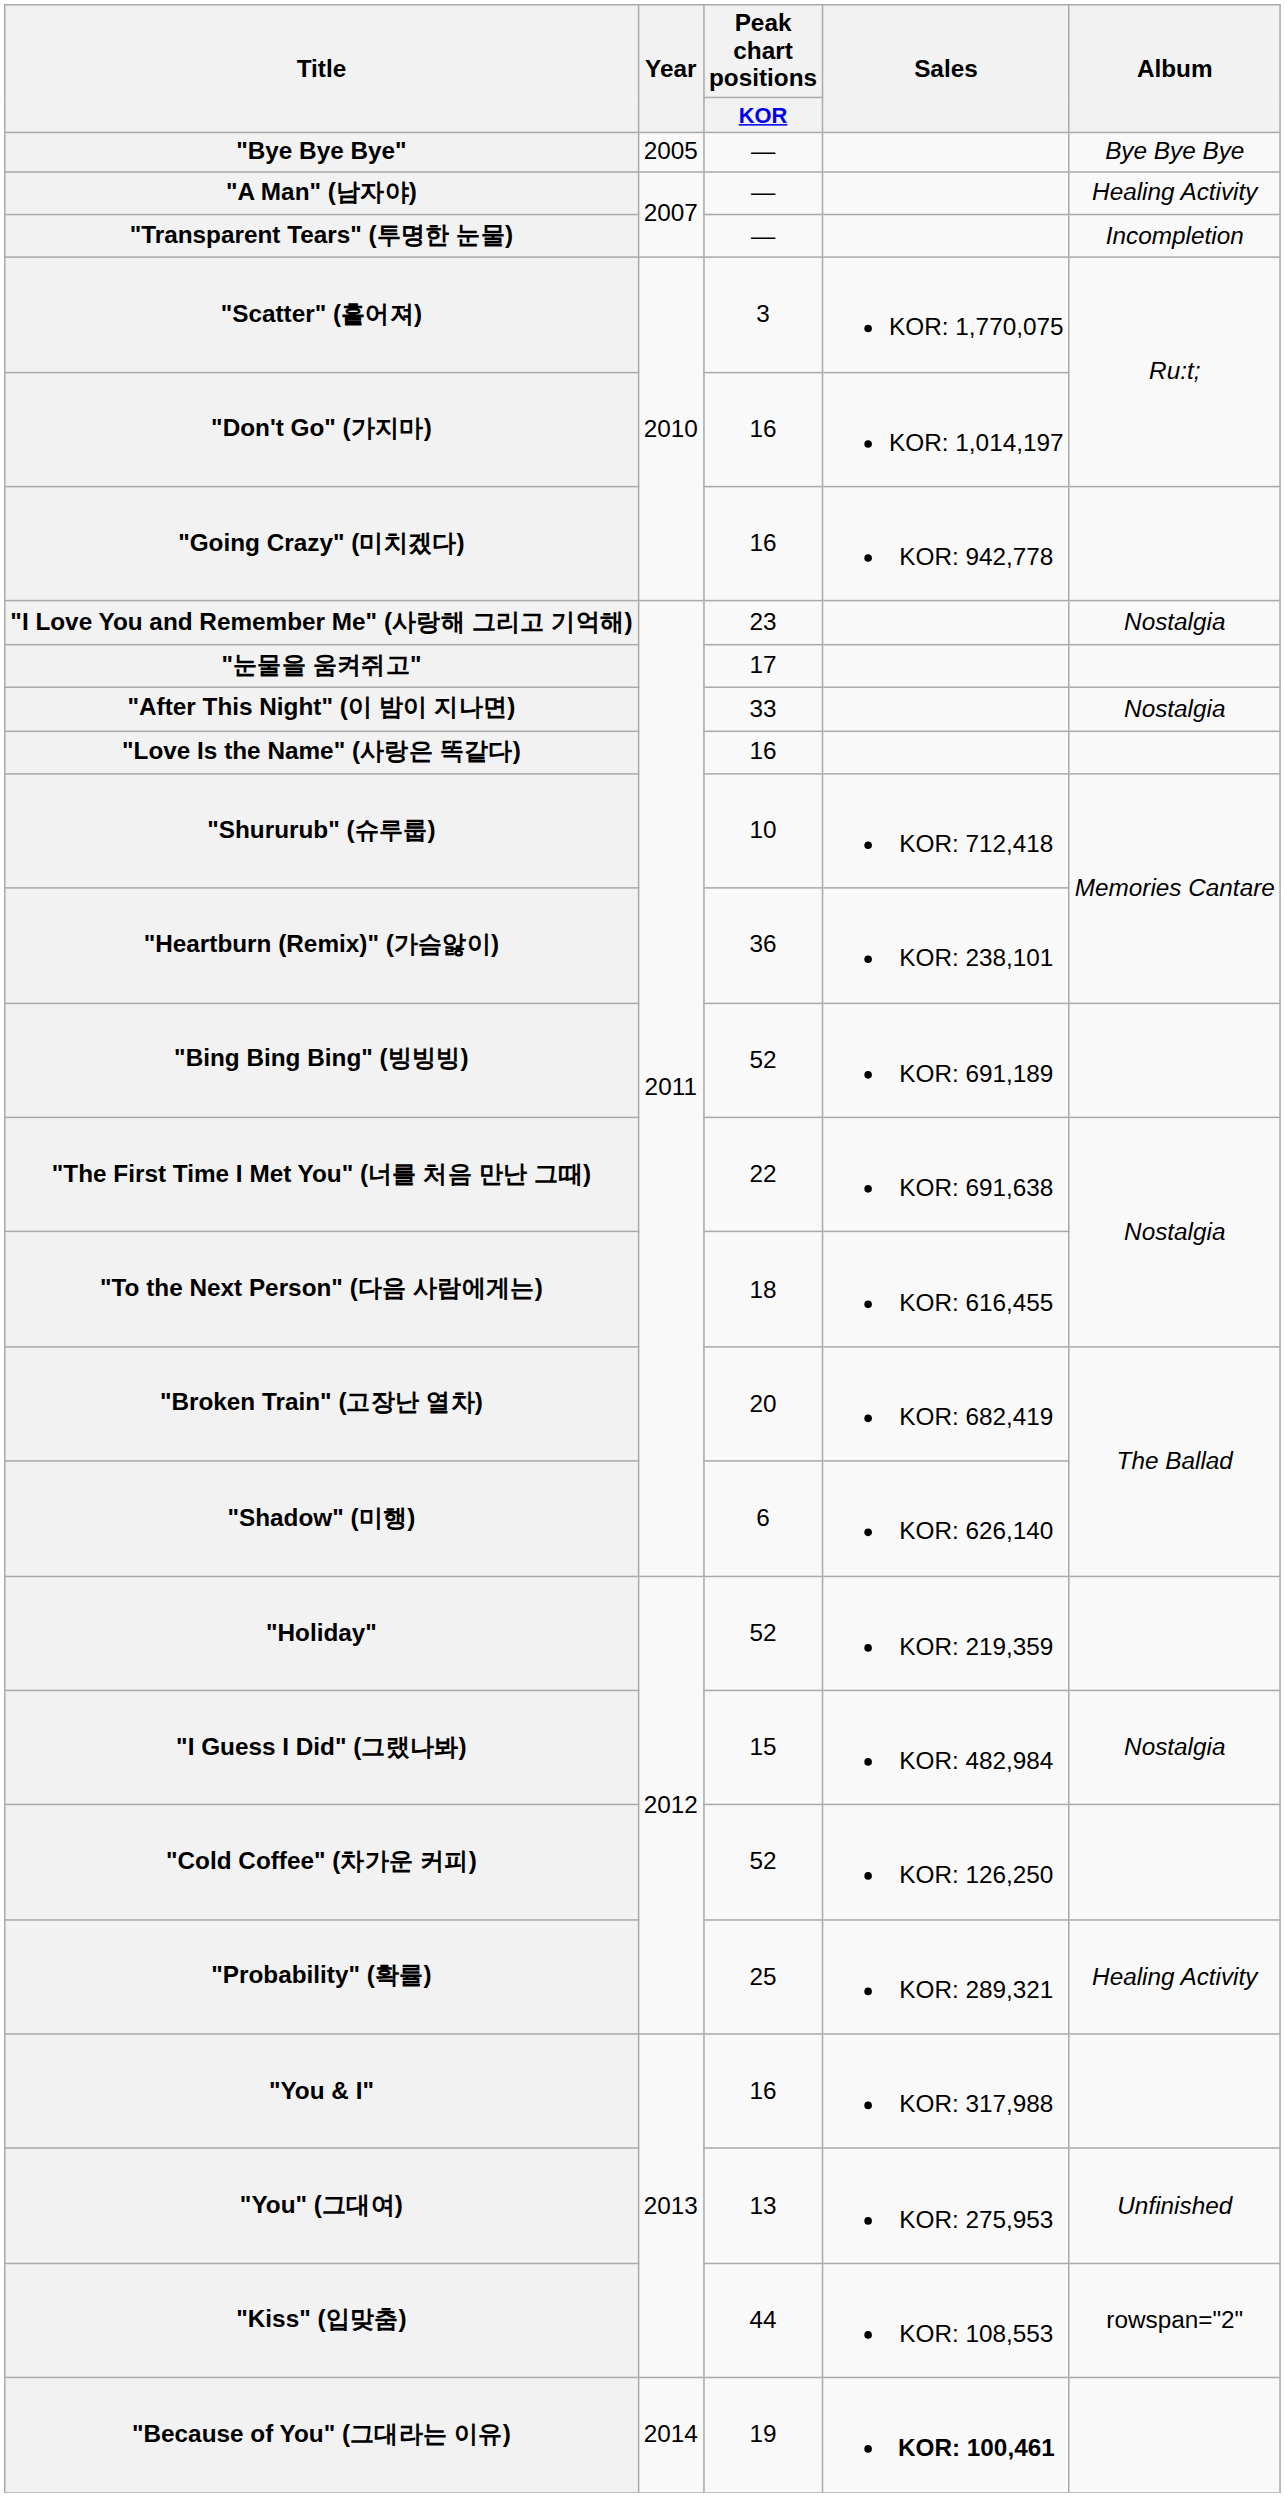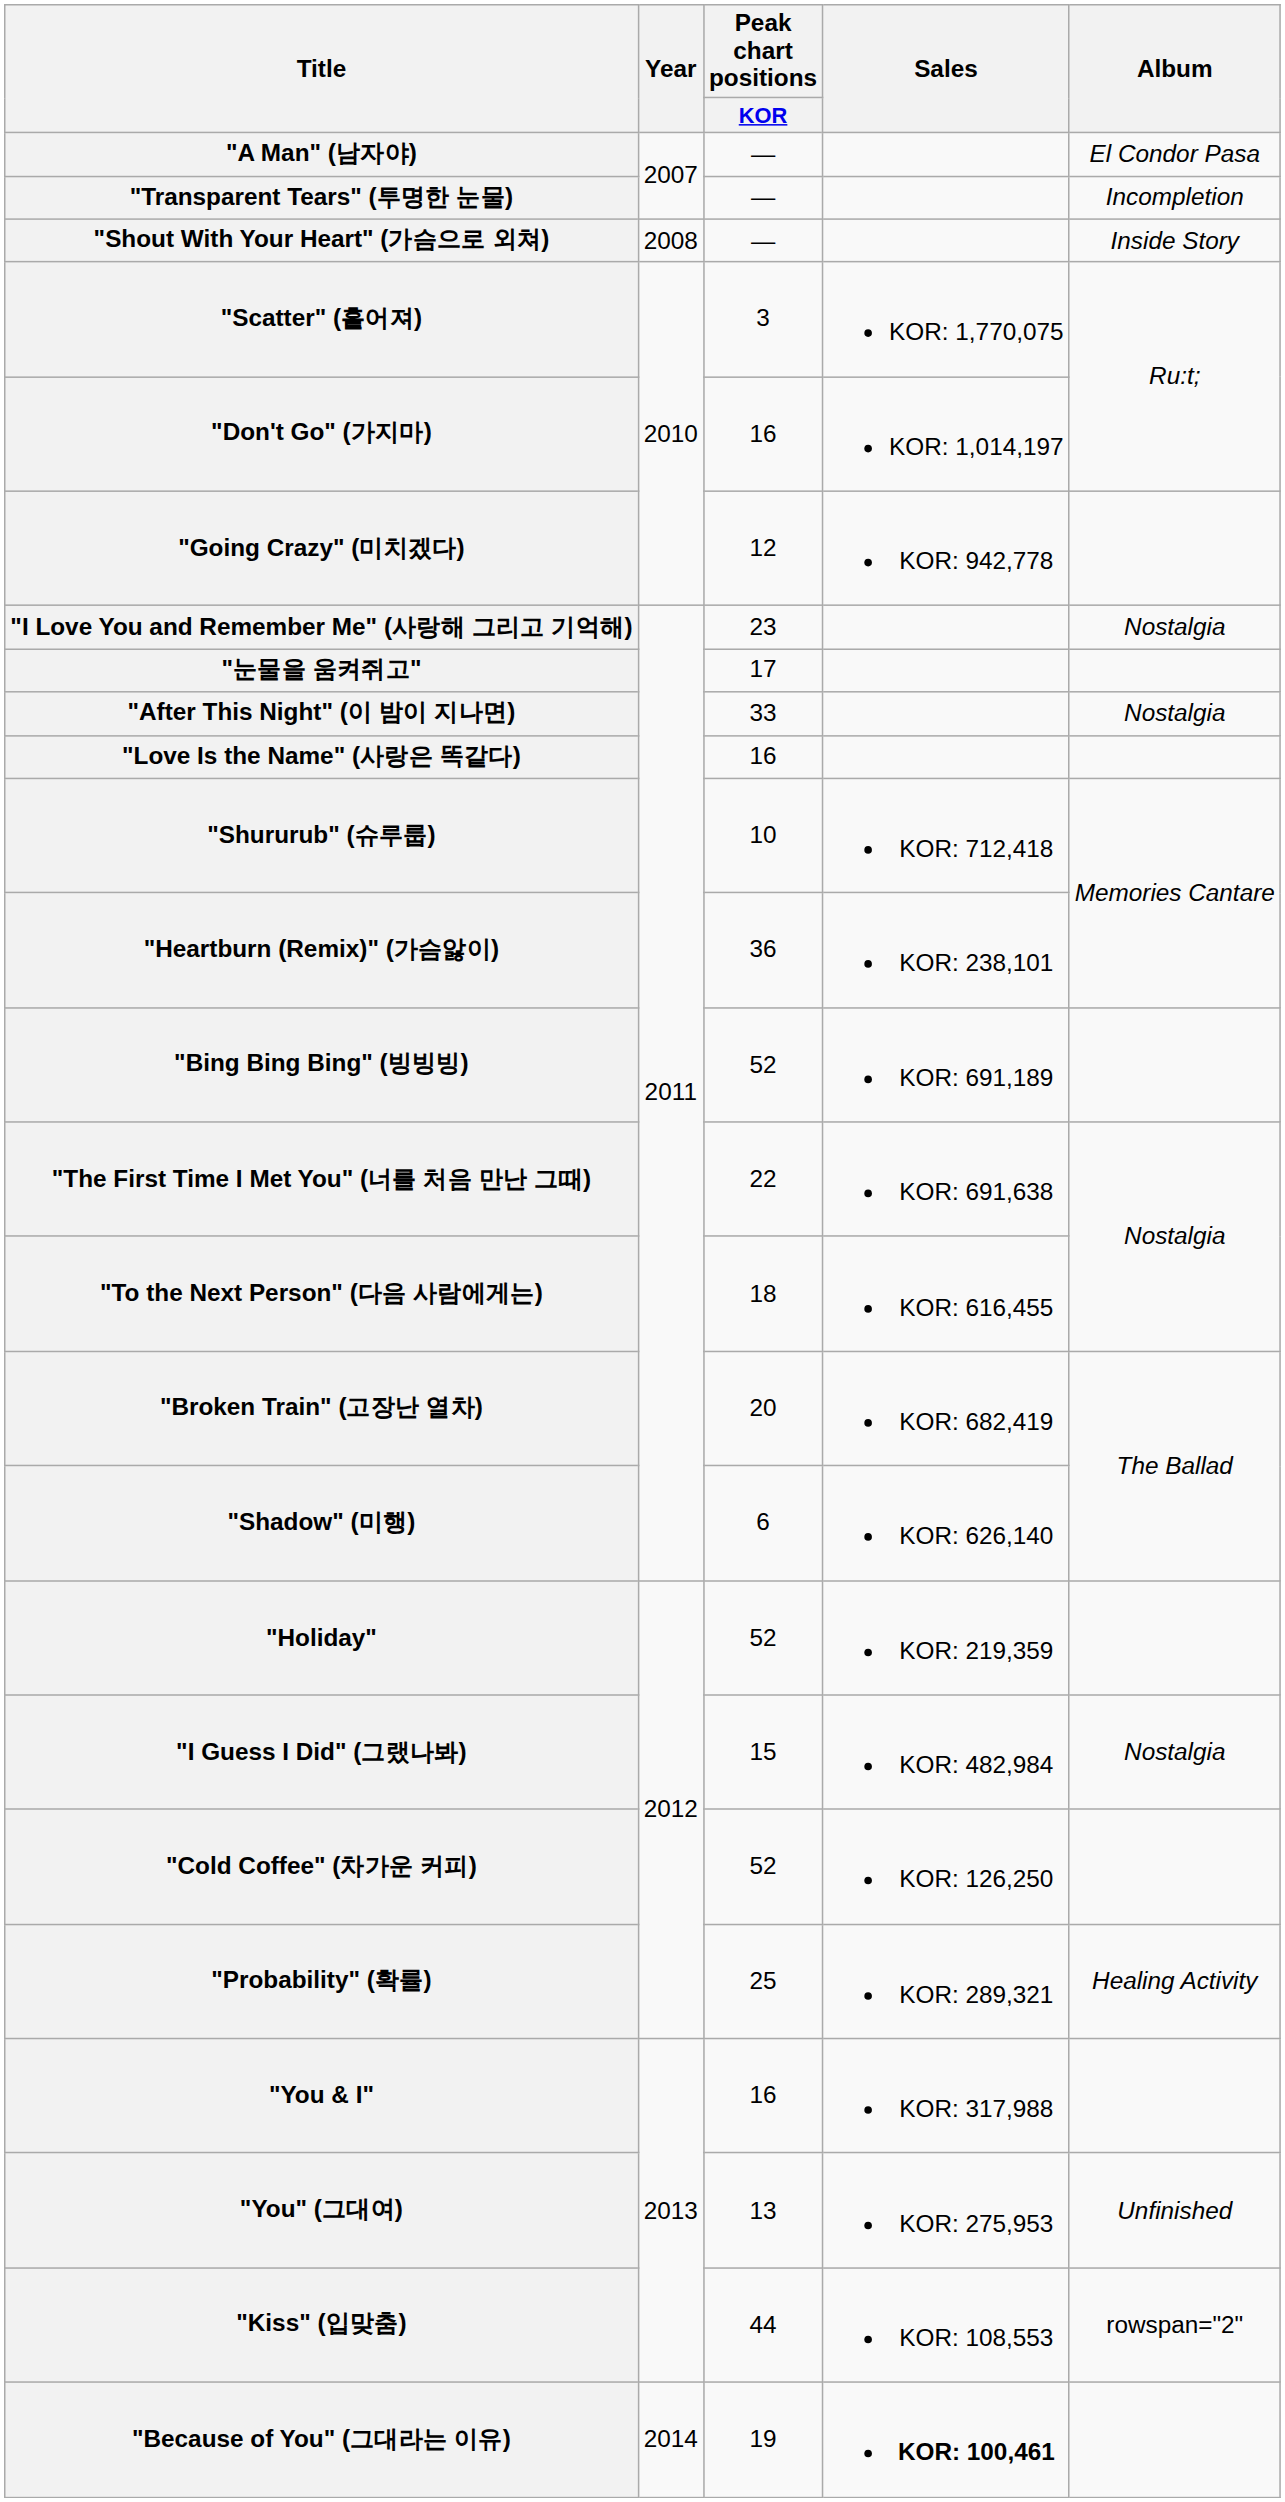 <table class="wikitable plainrowheaders" style="text-align:center;">
 <tr>
 <th rowspan="2" scope="col">Title</th>
 <th rowspan="2" scope="col">Year</th>
 <th scope="col">Peak chart positions</th>
 <th rowspan="2">Sales</th>
 <th rowspan="2">Album</th>
 </tr>
 <tr>
 <th scope="col" style="width:2.5em;font-size:90%;"><a href='#'>KOR</a><br></th>
 </tr>
 <tr>
-<th scope="row">"Bye Bye Bye"</th>
-<td>2005</td>
-<td>—</td>
-<td></td>
-<td><em>Bye Bye Bye</em></td>
-</tr>
-<tr>
 <th scope="row">"A Man" (남자야)</th>
 <td rowspan="2">2007</td>
 <td>—</td>
 <td></td>
-<td><em>Healing Activity</em></td>
+<td><em>El Condor Pasa</em></td>
 </tr>
 <tr>
 <th scope="row">"Transparent Tears" (투명한 눈물)</th>
 <td>—</td>
 <td></td>
 <td><em>Incompletion</em></td>
+</tr>
+<tr>
+<th scope="row">"Shout With Your Heart" (가슴으로 외쳐)</th>
+<td>2008</td>
+<td>—</td>
+<td></td>
+<td><em>Inside Story</em></td>
 </tr>
 <tr>
 <th scope="row">"Scatter" (흩어져)</th>
 <td rowspan="3">2010</td>
 <td>3</td>
 <td><br><ul><li>KOR: 1,770,075</li></ul></td>
 <td rowspan="2"><em>Ru:t;</em></td>
 </tr>
 <tr>
 <th scope="row">"Don't Go" (가지마)</th>
 <td>16</td>
 <td><br><ul><li>KOR: 1,014,197</li></ul></td>
 </tr>
 <tr>
 <th scope="row">"Going Crazy" (미치겠다) </th>
-<td>16</td>
+<td>12</td>
 <td><br><ul><li>KOR: 942,778</li></ul></td>
 <td></td>
 </tr>
 <tr>
 <th scope="row">"I Love You and Remember Me" (사랑해 그리고 기억해)</th>
 <td rowspan="11">2011</td>
 <td>23</td>
 <td></td>
 <td><em>Nostalgia</em></td>
 </tr>
 <tr>
 <th scope="row">"눈물을 움켜쥐고" </th>
 <td>17</td>
 <td></td>
 <td></td>
 </tr>
 <tr>
 <th scope="row">"After This Night" (이 밤이 지나면)</th>
 <td>33</td>
 <td></td>
 <td><em>Nostalgia</em></td>
 </tr>
 <tr>
 <th scope="row">"Love Is the Name" (사랑은 똑같다) </th>
 <td>16</td>
 <td></td>
 <td></td>
 </tr>
 <tr>
 <th scope="row">"Shururub" (슈루룹)</th>
 <td>10</td>
 <td><br><ul><li>KOR: 712,418</li></ul></td>
 <td rowspan="2"><em>Memories Cantare</em></td>
 </tr>
 <tr>
 <th scope="row">"Heartburn (Remix)" (가슴앓이)</th>
 <td>36</td>
 <td><br><ul><li>KOR: 238,101</li></ul></td>
 </tr>
 <tr>
 <th scope="row">"Bing Bing Bing" (빙빙빙) </th>
 <td>52</td>
 <td><br><ul><li>KOR: 691,189</li></ul></td>
 <td></td>
 </tr>
 <tr>
 <th scope="row">"The First Time I Met You" (너를 처음 만난 그때)</th>
 <td>22</td>
 <td><br><ul><li>KOR: 691,638</li></ul></td>
 <td rowspan="2"><em>Nostalgia</em></td>
 </tr>
 <tr>
 <th scope="row">"To the Next Person" (다음 사람에게는)</th>
 <td>18</td>
 <td><br><ul><li>KOR:  616,455</li></ul></td>
 </tr>
 <tr>
 <th scope="row">"Broken Train" (고장난 열차) </th>
 <td>20</td>
 <td><br><ul><li>KOR: 682,419</li></ul></td>
 <td rowspan="2"><em>The Ballad</em></td>
 </tr>
 <tr>
 <th scope="row">"Shadow" (미행)</th>
 <td>6</td>
 <td><br><ul><li>KOR: 626,140</li></ul></td>
 </tr>
 <tr>
 <th scope="row">"Holiday" </th>
 <td rowspan="4">2012</td>
 <td>52</td>
 <td><br><ul><li>KOR: 219,359</li></ul></td>
 <td></td>
 </tr>
 <tr>
 <th scope="row">"I Guess I Did" (그랬나봐)</th>
 <td>15</td>
 <td><br><ul><li>KOR: 482,984</li></ul></td>
 <td><em>Nostalgia</em></td>
 </tr>
 <tr>
 <th scope="row">"Cold Coffee" (차가운 커피)</th>
 <td>52</td>
 <td><br><ul><li>KOR: 126,250</li></ul></td>
 <td></td>
 </tr>
 <tr>
 <th scope="row">"Probability" (확률)</th>
 <td>25</td>
 <td><br><ul><li>KOR: 289,321</li></ul></td>
 <td><em>Healing Activity</em></td>
 </tr>
 <tr>
 <th scope="row">"You & I"</th>
 <td rowspan="3">2013</td>
 <td>16</td>
 <td><br><ul><li>KOR: 317,988</li></ul></td>
 <td></td>
 </tr>
 <tr>
 <th scope="row">"You" (그대여)</th>
 <td>13</td>
 <td><br><ul><li>KOR: 275,953</li></ul></td>
 <td><em>Unfinished</em></td>
 </tr>
 <tr>
 <th scope="row">"Kiss" (입맞춤) </th>
 <td>44</td>
 <td><br><ul><li>KOR: 108,553</li></ul></td>
 <td>rowspan="2" </td>
 </tr>
 <tr>
 <th scope="row">"Because of You" (그대라는 이유)</th>
 <td>2014</td>
 <td>19</td>
 <td><strong><br><ul><li>KOR: 100,461</li></ul></strong></td>
 </tr>
 </table>
